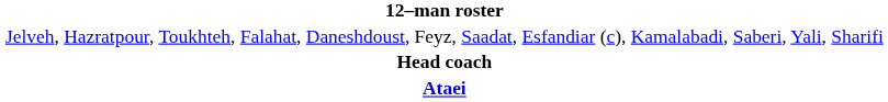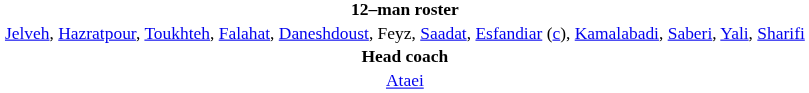 <table style="text-align:center; margin-top:2em; margin-left:auto; margin-right:auto">
 <tr>
 <td><strong>12–man roster</strong></td>
 </tr>
 <tr>
 <td><a href='#'>Jelveh</a>, <a href='#'>Hazratpour</a>, <a href='#'>Toukhteh</a>, <a href='#'>Falahat</a>, <a href='#'>Daneshdoust</a>, Feyz, <a href='#'>Saadat</a>, <a href='#'>Esfandiar</a> (<a href='#'>c</a>), <a href='#'>Kamalabadi</a>, <a href='#'>Saberi</a>, <a href='#'>Yali</a>, <a href='#'>Sharifi</a></td>
 </tr>
 <tr>
 <td><strong>Head coach</strong></td>
 </tr>
 <tr>
-<td><strong><a href='#'>Ataei</a></strong></td>
+<td><a href='#'>Ataei</a></td>
 </tr>
 </table>
